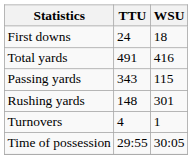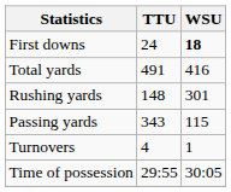 <table class="wikitable" style="float: left;">
 <tr>
 <th>Statistics</th>
 <th>TTU</th>
 <th>WSU</th>
 </tr>
 <tr>
 <td>First downs</td>
 <td>24</td>
-<td>18</td>
+<td><strong>18</strong></td>
 </tr>
 <tr>
 <td>Total yards</td>
 <td>491</td>
 <td>416</td>
 </tr>
 <tr>
+<td>Rushing yards</td>
+<td>148</td>
+<td>301</td>
+</tr>
+<tr>
 <td>Passing yards</td>
 <td>343</td>
 <td>115</td>
-</tr>
-<tr>
-<td>Rushing yards</td>
-<td>148</td>
-<td>301</td>
 </tr>
 <tr>
 <td>Turnovers</td>
 <td>4</td>
 <td>1</td>
 </tr>
 <tr>
 <td>Time of possession</td>
 <td>29:55</td>
 <td>30:05</td>
 </tr>
 <tr>
 </tr>
 </table>
